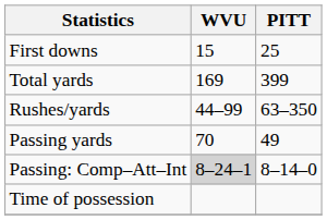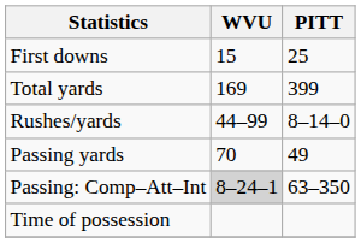 <table class="wikitable" style="float: left;">
 <tr>
 <th>Statistics</th>
 <th>WVU</th>
 <th>PITT</th>
 </tr>
 <tr>
 <td>First downs</td>
 <td>15</td>
 <td>25</td>
 </tr>
 <tr>
 <td>Total yards</td>
 <td>169</td>
 <td>399</td>
 </tr>
 <tr>
 <td>Rushes/yards</td>
 <td>44–99</td>
-<td>63–350</td>
+<td>8–14–0</td>
 </tr>
 <tr>
 <td>Passing yards</td>
 <td>70</td>
 <td>49</td>
 </tr>
 <tr>
 <td>Passing: Comp–Att–Int</td>
 <td style="background: lightgrey;">8–24–1</td>
-<td>8–14–0</td>
+<td>63–350</td>
 </tr>
 <tr>
 <td>Time of possession</td>
 <td></td>
 <td></td>
 </tr>
 <tr>
 </tr>
 </table>
